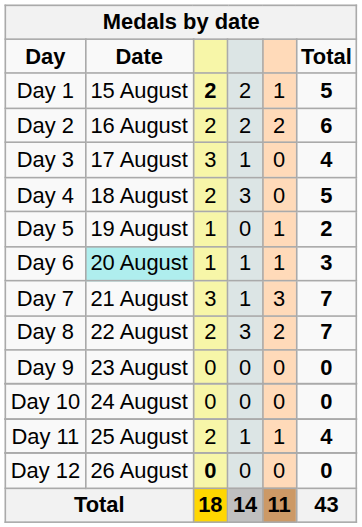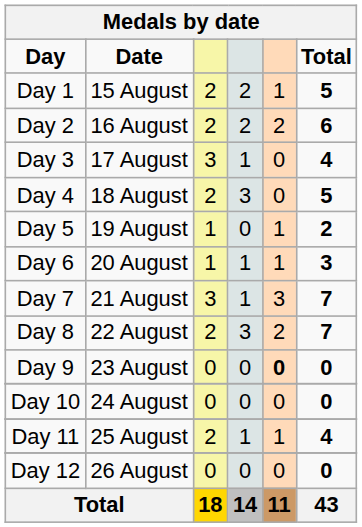 <table class=wikitable style="font-size:85%;float:right;clear:right;">
 <tr bgcolor=efefef>
 <th colspan=6>Medals by date</th>
 </tr>
 <tr align=center>
 <td><strong>Day</strong></td>
 <td><strong>Date</strong></td>
 <td bgcolor=#f7f6a8></td>
 <td bgcolor=#dce5e5></td>
 <td bgcolor=#ffdab9></td>
 <td><strong>Total</strong></td>
 </tr>
 <tr align=center>
 <td>Day 1</td>
 <td>15 August</td>
-<td bgcolor=F7F6A8><strong>2</strong></td>
+<td bgcolor=F7F6A8>2</td>
 <td bgcolor=DCE5E5>2</td>
 <td bgcolor=FFDAB9>1</td>
 <td><strong>5</strong></td>
 </tr>
 <tr align=center>
 <td>Day 2</td>
 <td>16 August</td>
 <td bgcolor=F7F6A8>2</td>
 <td bgcolor=DCE5E5>2</td>
 <td bgcolor=FFDAB9>2</td>
 <td><strong>6</strong></td>
 </tr>
 <tr align=center>
 <td>Day 3</td>
 <td>17 August</td>
 <td bgcolor=F7F6A8>3</td>
 <td bgcolor=DCE5E5>1</td>
 <td bgcolor=FFDAB9>0</td>
 <td><strong>4</strong></td>
 </tr>
 <tr align=center>
 <td>Day 4</td>
 <td>18 August</td>
 <td bgcolor=F7F6A8>2</td>
 <td bgcolor=DCE5E5>3</td>
 <td bgcolor=FFDAB9>0</td>
 <td><strong>5</strong></td>
 </tr>
 <tr align=center>
 <td>Day 5</td>
 <td>19 August</td>
 <td bgcolor=F7F6A8>1</td>
 <td bgcolor=DCE5E5>0</td>
 <td bgcolor=FFDAB9>1</td>
 <td><strong>2</strong></td>
 </tr>
 <tr align=center>
 <td>Day 6</td>
-<td style="background: paleturquoise;">20 August</td>
+<td>20 August</td>
 <td bgcolor=F7F6A8>1</td>
 <td bgcolor=DCE5E5>1</td>
 <td bgcolor=FFDAB9>1</td>
 <td><strong>3</strong></td>
 </tr>
 <tr align=center>
 <td>Day 7</td>
 <td>21 August</td>
 <td bgcolor=F7F6A8>3</td>
 <td bgcolor=DCE5E5>1</td>
 <td bgcolor=FFDAB9>3</td>
 <td><strong>7</strong></td>
 </tr>
 <tr align=center>
 <td>Day 8</td>
 <td>22 August</td>
 <td bgcolor=F7F6A8>2</td>
 <td bgcolor=DCE5E5>3</td>
 <td bgcolor=FFDAB9>2</td>
 <td><strong>7</strong></td>
 </tr>
 <tr align=center>
 <td>Day 9</td>
 <td>23 August</td>
 <td bgcolor=F7F6A8>0</td>
 <td bgcolor=DCE5E5>0</td>
-<td bgcolor=FFDAB9>0</td>
+<td bgcolor=FFDAB9><strong>0</strong></td>
 <td><strong>0</strong></td>
 </tr>
 <tr>
 </tr>
 <tr align=center>
 <td>Day 10</td>
 <td>24 August</td>
 <td bgcolor=F7F6A8>0</td>
 <td bgcolor=DCE5E5>0</td>
 <td bgcolor=FFDAB9>0</td>
 <td><strong>0</strong></td>
 </tr>
 <tr>
 </tr>
 <tr align=center>
 <td>Day 11</td>
 <td>25 August</td>
 <td bgcolor=F7F6A8>2</td>
 <td bgcolor=DCE5E5>1</td>
 <td bgcolor=FFDAB9>1</td>
 <td><strong>4</strong></td>
 </tr>
 <tr>
 </tr>
 <tr align=center>
 <td>Day 12</td>
 <td>26 August</td>
-<td bgcolor=F7F6A8><strong>0</strong></td>
+<td bgcolor=F7F6A8>0</td>
 <td bgcolor=DCE5E5>0</td>
 <td bgcolor=FFDAB9>0</td>
 <td><strong>0</strong></td>
 </tr>
 <tr>
 <th colspan=2>Total</th>
 <th style="background:gold">18</th>
 <th style="background:silver">14</th>
 <th style="background:#c96">11</th>
 <th>43</th>
 </tr>
 </table>
